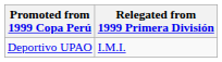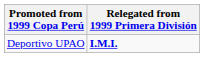 <table class="wikitable">
 <tr>
 <th>Promoted from<br><a href='#'>1999 Copa Perú</a></th>
 <th>Relegated from<br><a href='#'>1999 Primera División</a></th>
 </tr>
 <tr>
 <td> <a href='#'>Deportivo UPAO</a> </td>
-<td> <a href='#'>I.M.I.</a> </td>
+<td><strong> <a href='#'>I.M.I.</a> </strong></td>
 </tr>
 </table>
